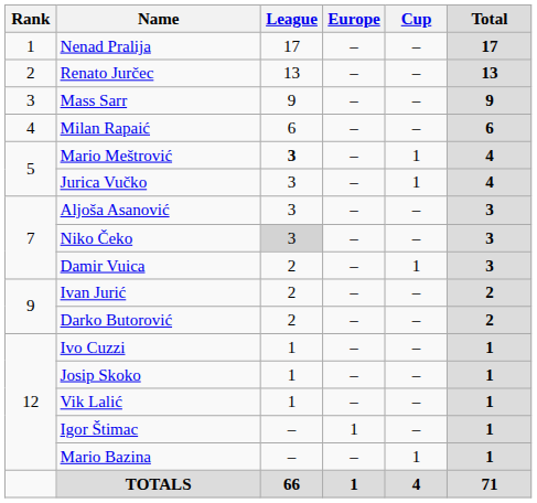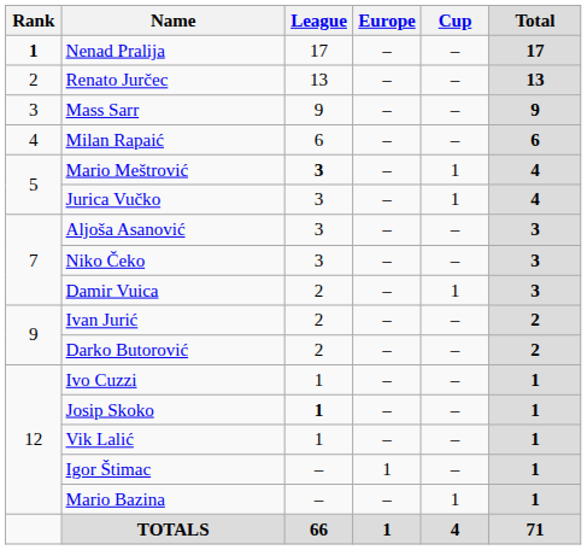 <table class="wikitable" style="font-size: 95%; text-align: center;">
 <tr>
 <th width=40>Rank</th>
 <th width=180>Name</th>
 <th width=50><a href='#'>League</a></th>
 <th width=50><a href='#'>Europe</a></th>
 <th width=50><a href='#'>Cup</a></th>
 <th width=70 style="background: #DCDCDC">Total</th>
 </tr>
 <tr>
-<td rowspan=1>1</td>
+<td rowspan=1><strong>1</strong></td>
 <td style="text-align:left;"> <a href='#'>Nenad Pralija</a></td>
 <td>17</td>
 <td>–</td>
 <td>–</td>
 <th style="background: #DCDCDC">17</th>
 </tr>
 <tr>
 <td rowspan=1>2</td>
 <td style="text-align:left;"> <a href='#'>Renato Jurčec</a></td>
 <td>13</td>
 <td>–</td>
 <td>–</td>
 <th style="background: #DCDCDC">13</th>
 </tr>
 <tr>
 <td rowspan=1>3</td>
 <td style="text-align:left;"> <a href='#'>Mass Sarr</a></td>
 <td>9</td>
 <td>–</td>
 <td>–</td>
 <th style="background: #DCDCDC">9</th>
 </tr>
 <tr>
 <td rowspan=1>4</td>
 <td style="text-align:left;"> <a href='#'>Milan Rapaić</a></td>
 <td>6</td>
 <td>–</td>
 <td>–</td>
 <th style="background: #DCDCDC">6</th>
 </tr>
 <tr>
 <td rowspan=2>5</td>
 <td style="text-align:left;"> <a href='#'>Mario Meštrović</a></td>
 <td><strong>3</strong></td>
 <td>–</td>
 <td>1</td>
 <th style="background: #DCDCDC">4</th>
 </tr>
 <tr>
 <td style="text-align:left;"> <a href='#'>Jurica Vučko</a></td>
 <td>3</td>
 <td>–</td>
 <td>1</td>
 <th style="background: #DCDCDC">4</th>
 </tr>
 <tr>
 <td rowspan=3>7</td>
 <td style="text-align:left;"> <a href='#'>Aljoša Asanović</a></td>
 <td>3</td>
 <td>–</td>
 <td>–</td>
 <th style="background: #DCDCDC">3</th>
 </tr>
 <tr>
 <td style="text-align:left;"> <a href='#'>Niko Čeko</a></td>
-<td style="background: lightgrey;">3</td>
+<td>3</td>
 <td>–</td>
 <td>–</td>
 <th style="background: #DCDCDC">3</th>
 </tr>
 <tr>
 <td style="text-align:left;"> <a href='#'>Damir Vuica</a></td>
 <td>2</td>
 <td>–</td>
 <td>1</td>
 <th style="background: #DCDCDC">3</th>
 </tr>
 <tr>
 <td rowspan=2>9</td>
 <td style="text-align:left;"> <a href='#'>Ivan Jurić</a></td>
 <td>2</td>
 <td>–</td>
 <td>–</td>
 <th style="background: #DCDCDC">2</th>
 </tr>
 <tr>
 <td style="text-align:left;"> <a href='#'>Darko Butorović</a></td>
 <td>2</td>
 <td>–</td>
 <td>–</td>
 <th style="background: #DCDCDC">2</th>
 </tr>
 <tr>
 <td rowspan=5>12</td>
 <td style="text-align:left;"> <a href='#'>Ivo Cuzzi</a></td>
 <td>1</td>
 <td>–</td>
 <td>–</td>
 <th style="background: #DCDCDC">1</th>
 </tr>
 <tr>
 <td style="text-align:left;"> <a href='#'>Josip Skoko</a></td>
-<td>1</td>
+<td><strong>1</strong></td>
 <td>–</td>
 <td>–</td>
 <th style="background: #DCDCDC">1</th>
 </tr>
 <tr>
 <td style="text-align:left;"> <a href='#'>Vik Lalić</a></td>
 <td>1</td>
 <td>–</td>
 <td>–</td>
 <th style="background: #DCDCDC">1</th>
 </tr>
 <tr>
 <td style="text-align:left;"> <a href='#'>Igor Štimac</a></td>
 <td>–</td>
 <td>1</td>
 <td>–</td>
 <th style="background: #DCDCDC">1</th>
 </tr>
 <tr>
 <td style="text-align:left;"> <a href='#'>Mario Bazina</a></td>
 <td>–</td>
 <td>–</td>
 <td>1</td>
 <th style="background: #DCDCDC">1</th>
 </tr>
 <tr>
 <td></td>
 <th style="background: #DCDCDC">TOTALS</th>
 <th style="background: #DCDCDC">66</th>
 <th style="background: #DCDCDC">1</th>
 <th style="background: #DCDCDC">4</th>
 <th style="background: #DCDCDC">71</th>
 </tr>
 </table>
